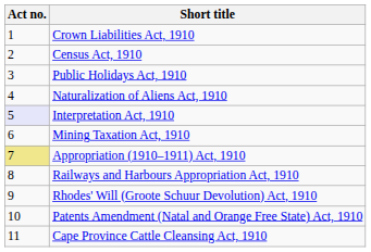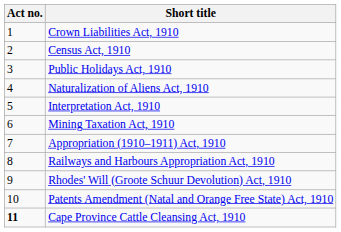 <table class="wikitable sortable">
 <tr>
 <th>Act no.</th>
 <th>Short title</th>
 </tr>
 <tr>
 <td>1</td>
 <td><a href='#'>Crown Liabilities Act, 1910</a></td>
 </tr>
 <tr>
 <td>2</td>
 <td><a href='#'>Census Act, 1910</a></td>
 </tr>
 <tr>
 <td>3</td>
 <td><a href='#'>Public Holidays Act, 1910</a></td>
 </tr>
 <tr>
 <td>4</td>
 <td><a href='#'>Naturalization of Aliens Act, 1910</a></td>
 </tr>
 <tr>
-<td style="background: lavender;">5</td>
+<td>5</td>
 <td><a href='#'>Interpretation Act, 1910</a></td>
 </tr>
 <tr>
 <td>6</td>
 <td><a href='#'>Mining Taxation Act, 1910</a></td>
 </tr>
 <tr>
-<td style="background: khaki;">7</td>
+<td>7</td>
 <td><a href='#'>Appropriation (1910–1911) Act, 1910</a></td>
 </tr>
 <tr>
 <td>8</td>
 <td><a href='#'>Railways and Harbours Appropriation Act, 1910</a></td>
 </tr>
 <tr>
 <td>9</td>
 <td><a href='#'>Rhodes' Will (Groote Schuur Devolution) Act, 1910</a></td>
 </tr>
 <tr>
 <td>10</td>
 <td><a href='#'>Patents Amendment (Natal and Orange Free State) Act, 1910</a></td>
 </tr>
 <tr>
-<td>11</td>
+<td><strong>11</strong></td>
 <td><a href='#'>Cape Province Cattle Cleansing Act, 1910</a></td>
 </tr>
 </table>
